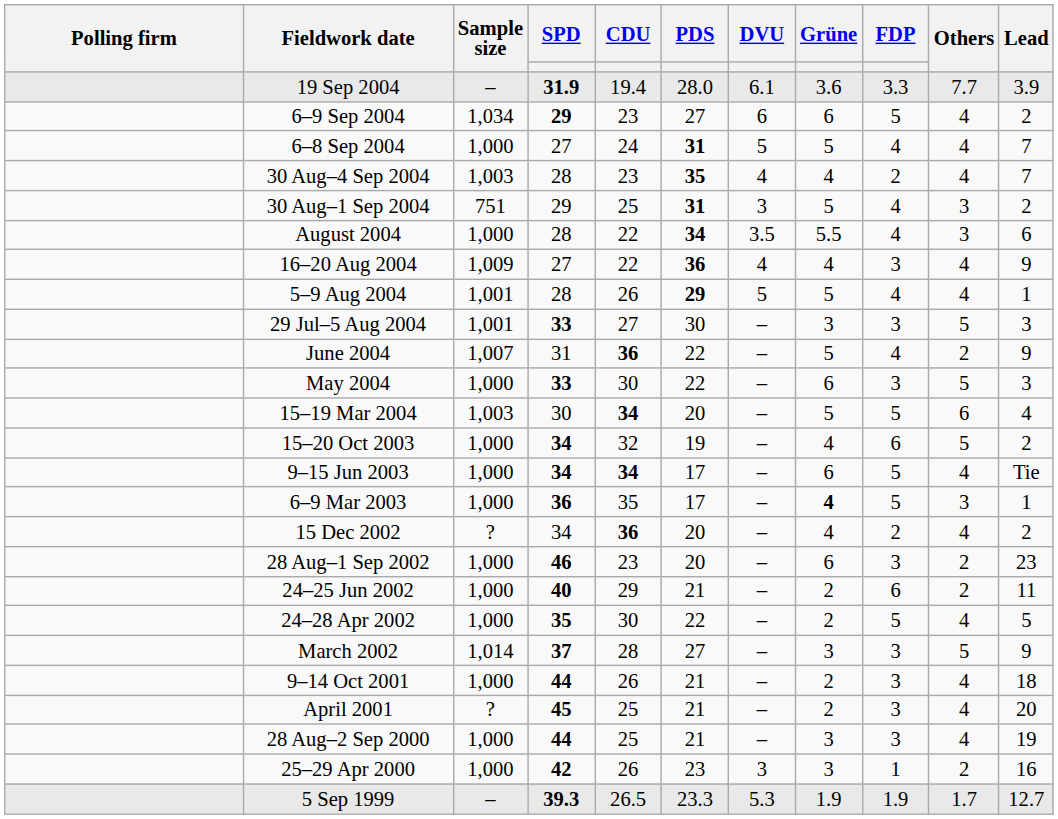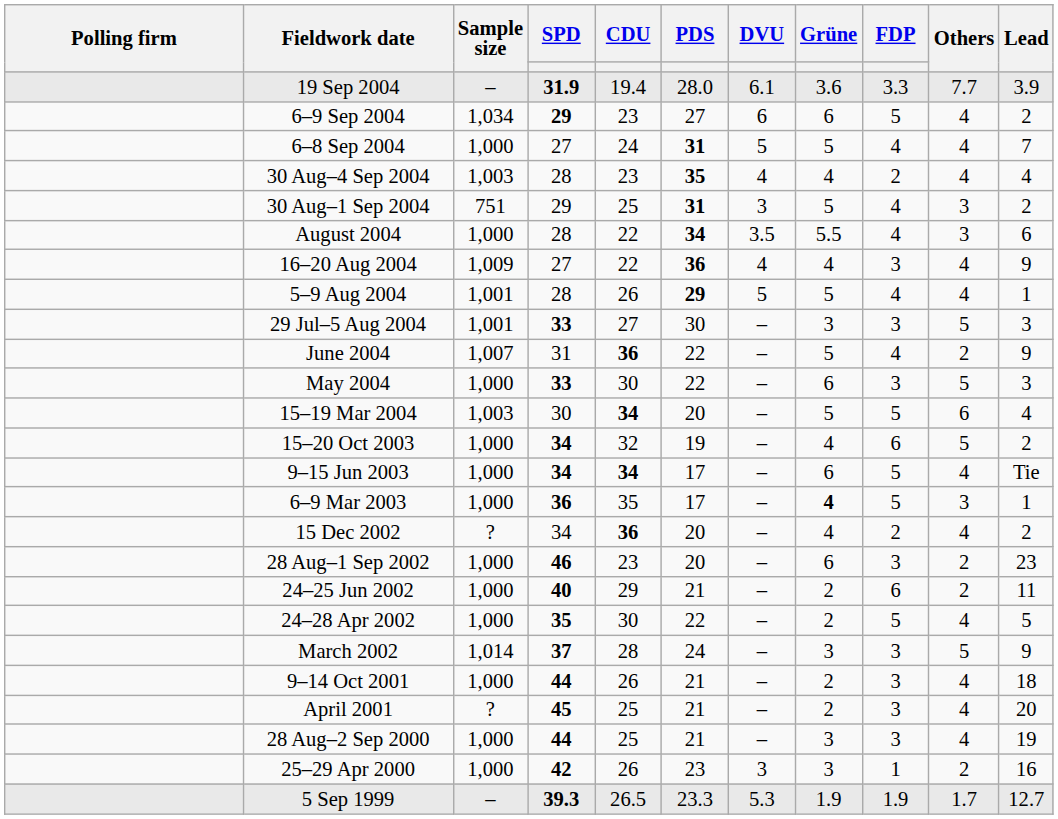 <table class="wikitable sortable" style="text-align:center;font-size:90%;line-height:14px;">
 <tr style="height:40px;">
 <th style="width:160px;" rowspan="2">Polling firm</th>
 <th style="width:140px;" rowspan="2">Fieldwork date</th>
 <th style="width:35px;" rowspan="2">Sample<br>size</th>
 <th class="unsortable" style="width:40px;"><a href='#'>SPD</a></th>
 <th class="unsortable" style="width:40px;"><a href='#'>CDU</a></th>
 <th class="unsortable" style="width:40px;"><a href='#'>PDS</a></th>
 <th class="unsortable" style="width:40px;"><a href='#'>DVU</a></th>
 <th class="unsortable" style="width:40px;"><a href='#'>Grüne</a></th>
 <th class="unsortable" style="width:40px;"><a href='#'>FDP</a></th>
 <th class="unsortable" style="width:40px;" rowspan="2">Others</th>
 <th style="width:30px;" rowspan="2">Lead</th>
 </tr>
 <tr>
 <th style="background:"></th>
 <th style="background:"></th>
 <th style="background:"></th>
 <th style="background:"></th>
 <th style="background:"></th>
 <th style="background:"></th>
 </tr>
 <tr style="background:#E9E9E9;">
 <td></td>
 <td data-sort-value="2004-09-19">19 Sep 2004</td>
 <td>–</td>
 <td><strong>31.9</strong></td>
 <td>19.4</td>
 <td>28.0</td>
 <td>6.1</td>
 <td>3.6</td>
 <td>3.3</td>
 <td>7.7</td>
 <td style="background:">3.9</td>
 </tr>
 <tr>
 <td></td>
 <td data-sort-value="2004-09-10">6–9 Sep 2004</td>
 <td>1,034</td>
 <td><strong>29</strong></td>
 <td>23</td>
 <td>27</td>
 <td>6</td>
 <td>6</td>
 <td>5</td>
 <td>4</td>
 <td style="background:">2</td>
 </tr>
 <tr>
 <td></td>
 <td data-sort-value="2004-09-09">6–8 Sep 2004</td>
 <td>1,000</td>
 <td>27</td>
 <td>24</td>
 <td><strong>31</strong></td>
 <td>5</td>
 <td>5</td>
 <td>4</td>
 <td>4</td>
 <td style="background:">7</td>
 </tr>
 <tr>
 <td></td>
 <td data-sort-value="2004-09-07">30 Aug–4 Sep 2004</td>
 <td>1,003</td>
 <td>28</td>
 <td>23</td>
 <td><strong>35</strong></td>
 <td>4</td>
 <td>4</td>
 <td>2</td>
 <td>4</td>
-<td style="background:">7</td>
+<td style="background:">4</td>
 </tr>
 <tr>
 <td></td>
 <td data-sort-value="2004-09-04">30 Aug–1 Sep 2004</td>
 <td>751</td>
 <td>29</td>
 <td>25</td>
 <td><strong>31</strong></td>
 <td>3</td>
 <td>5</td>
 <td>4</td>
 <td>3</td>
 <td style="background:">2</td>
 </tr>
 <tr>
 <td></td>
 <td data-sort-value="2004-09-01">August 2004</td>
 <td>1,000</td>
 <td>28</td>
 <td>22</td>
 <td><strong>34</strong></td>
 <td>3.5</td>
 <td>5.5</td>
 <td>4</td>
 <td>3</td>
 <td style="background:">6</td>
 </tr>
 <tr>
 <td></td>
 <td data-sort-value="2004-08-24">16–20 Aug 2004</td>
 <td>1,009</td>
 <td>27</td>
 <td>22</td>
 <td><strong>36</strong></td>
 <td>4</td>
 <td>4</td>
 <td>3</td>
 <td>4</td>
 <td style="background:">9</td>
 </tr>
 <tr>
 <td></td>
 <td data-sort-value="2004-08-11">5–9 Aug 2004</td>
 <td>1,001</td>
 <td>28</td>
 <td>26</td>
 <td><strong>29</strong></td>
 <td>5</td>
 <td>5</td>
 <td>4</td>
 <td>4</td>
 <td style="background:">1</td>
 </tr>
 <tr>
 <td></td>
 <td data-sort-value="2004-08-09">29 Jul–5 Aug 2004</td>
 <td>1,001</td>
 <td><strong>33</strong></td>
 <td>27</td>
 <td>30</td>
 <td>–</td>
 <td>3</td>
 <td>3</td>
 <td>5</td>
 <td style="background:">3</td>
 </tr>
 <tr>
 <td></td>
 <td data-sort-value="2004-07-29">June 2004</td>
 <td>1,007</td>
 <td>31</td>
 <td><strong>36</strong></td>
 <td>22</td>
 <td>–</td>
 <td>5</td>
 <td>4</td>
 <td>2</td>
 <td style="background:">9</td>
 </tr>
 <tr>
 <td></td>
 <td data-sort-value="2004-06-03">May 2004</td>
 <td>1,000</td>
 <td><strong>33</strong></td>
 <td>30</td>
 <td>22</td>
 <td>–</td>
 <td>6</td>
 <td>3</td>
 <td>5</td>
 <td style="background:">3</td>
 </tr>
 <tr>
 <td></td>
 <td data-sort-value="2004-03-25">15–19 Mar 2004</td>
 <td>1,003</td>
 <td>30</td>
 <td><strong>34</strong></td>
 <td>20</td>
 <td>–</td>
 <td>5</td>
 <td>5</td>
 <td>6</td>
 <td style="background:">4</td>
 </tr>
 <tr>
 <td></td>
 <td data-sort-value="2003-10-22">15–20 Oct 2003</td>
 <td>1,000</td>
 <td><strong>34</strong></td>
 <td>32</td>
 <td>19</td>
 <td>–</td>
 <td>4</td>
 <td>6</td>
 <td>5</td>
 <td style="background:">2</td>
 </tr>
 <tr>
 <td></td>
 <td data-sort-value="2003-06-20">9–15 Jun 2003</td>
 <td>1,000</td>
 <td><strong>34</strong></td>
 <td><strong>34</strong></td>
 <td>17</td>
 <td>–</td>
 <td>6</td>
 <td>5</td>
 <td>4</td>
 <td data-sort-value="0">Tie</td>
 </tr>
 <tr>
 <td></td>
 <td data-sort-value="2003-03-12">6–9 Mar 2003</td>
 <td>1,000</td>
 <td><strong>36</strong></td>
 <td>35</td>
 <td>17</td>
 <td>–</td>
 <td><strong>4</strong></td>
 <td>5</td>
 <td>3</td>
 <td style="background:">1</td>
 </tr>
 <tr>
 <td></td>
 <td data-sort-value="2002-12-15">15 Dec 2002</td>
 <td>?</td>
 <td>34</td>
 <td><strong>36</strong></td>
 <td>20</td>
 <td>–</td>
 <td>4</td>
 <td>2</td>
 <td>4</td>
 <td style="background:">2</td>
 </tr>
 <tr>
 <td></td>
 <td data-sort-value="2002-09-05">28 Aug–1 Sep 2002</td>
 <td>1,000</td>
 <td><strong>46</strong></td>
 <td>23</td>
 <td>20</td>
 <td>–</td>
 <td>6</td>
 <td>3</td>
 <td>2</td>
 <td style="background:">23</td>
 </tr>
 <tr>
 <td></td>
 <td data-sort-value="2002-07-05">24–25 Jun 2002</td>
 <td>1,000</td>
 <td><strong>40</strong></td>
 <td>29</td>
 <td>21</td>
 <td>–</td>
 <td>2</td>
 <td>6</td>
 <td>2</td>
 <td style="background:">11</td>
 </tr>
 <tr>
 <td></td>
 <td data-sort-value="2002-05-05">24–28 Apr 2002</td>
 <td>1,000</td>
 <td><strong>35</strong></td>
 <td>30</td>
 <td>22</td>
 <td>–</td>
 <td>2</td>
 <td>5</td>
 <td>4</td>
 <td style="background:">5</td>
 </tr>
 <tr>
 <td></td>
 <td data-sort-value="2002-03-28">March 2002</td>
 <td>1,014</td>
 <td><strong>37</strong></td>
 <td>28</td>
-<td>27</td>
+<td>24</td>
 <td>–</td>
 <td>3</td>
 <td>3</td>
 <td>5</td>
 <td style="background:">9</td>
 </tr>
 <tr>
 <td></td>
 <td data-sort-value="2001-10-19">9–14 Oct 2001</td>
 <td>1,000</td>
 <td><strong>44</strong></td>
 <td>26</td>
 <td>21</td>
 <td>–</td>
 <td>2</td>
 <td>3</td>
 <td>4</td>
 <td style="background:">18</td>
 </tr>
 <tr>
 <td></td>
 <td data-sort-value="2001-04-30">April 2001</td>
 <td>?</td>
 <td><strong>45</strong></td>
 <td>25</td>
 <td>21</td>
 <td>–</td>
 <td>2</td>
 <td>3</td>
 <td>4</td>
 <td style="background:">20</td>
 </tr>
 <tr>
 <td></td>
 <td data-sort-value="2000-09-06">28 Aug–2 Sep 2000</td>
 <td>1,000</td>
 <td><strong>44</strong></td>
 <td>25</td>
 <td>21</td>
 <td>–</td>
 <td>3</td>
 <td>3</td>
 <td>4</td>
 <td style="background:">19</td>
 </tr>
 <tr>
 <td></td>
 <td data-sort-value="2000-09-06">25–29 Apr 2000</td>
 <td>1,000</td>
 <td><strong>42</strong></td>
 <td>26</td>
 <td>23</td>
 <td>3</td>
 <td>3</td>
 <td>1</td>
 <td>2</td>
 <td style="background:">16</td>
 </tr>
 <tr style="background:#E9E9E9;">
 <td></td>
 <td data-sort-value="1999-09-05">5 Sep 1999</td>
 <td>–</td>
 <td><strong>39.3</strong></td>
 <td>26.5</td>
 <td>23.3</td>
 <td>5.3</td>
 <td>1.9</td>
 <td>1.9</td>
 <td>1.7</td>
 <td style="background:">12.7</td>
 </tr>
 </table>
